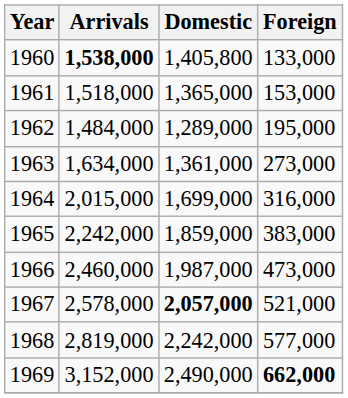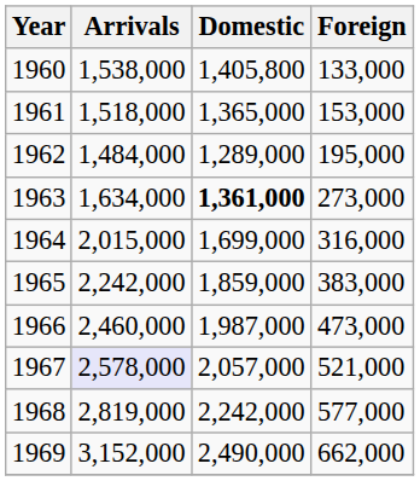 <table class="wikitable" style="display: inline-table;">
 <tr>
 <th>Year</th>
 <th>Arrivals</th>
 <th>Domestic</th>
 <th>Foreign</th>
 </tr>
 <tr ->
 <td>1960</td>
-<td><strong>1,538,000</strong></td>
+<td>1,538,000</td>
 <td>1,405,800</td>
 <td>133,000</td>
 </tr>
 <tr ->
 <td>1961</td>
 <td>1,518,000</td>
 <td>1,365,000</td>
 <td>153,000</td>
 </tr>
 <tr ->
 <td>1962</td>
 <td>1,484,000</td>
 <td>1,289,000</td>
 <td>195,000</td>
 </tr>
 <tr ->
 <td>1963</td>
 <td>1,634,000</td>
-<td>1,361,000</td>
+<td><strong>1,361,000</strong></td>
 <td>273,000</td>
 </tr>
 <tr ->
 <td>1964</td>
 <td>2,015,000</td>
 <td>1,699,000</td>
 <td>316,000</td>
 </tr>
 <tr ->
 <td>1965</td>
 <td>2,242,000</td>
 <td>1,859,000</td>
 <td>383,000</td>
 </tr>
 <tr ->
 <td>1966</td>
 <td>2,460,000</td>
 <td>1,987,000</td>
 <td>473,000</td>
 </tr>
 <tr ->
 <td>1967</td>
-<td>2,578,000</td>
-<td><strong>2,057,000</strong></td>
+<td style="background: lavender;">2,578,000</td>
+<td>2,057,000</td>
 <td>521,000</td>
 </tr>
 <tr ->
 <td>1968</td>
 <td>2,819,000</td>
 <td>2,242,000</td>
 <td>577,000</td>
 </tr>
 <tr ->
 <td>1969</td>
 <td>3,152,000</td>
 <td>2,490,000</td>
-<td><strong>662,000</strong></td>
+<td>662,000</td>
 </tr>
 <tr ->
 </tr>
 </table>
